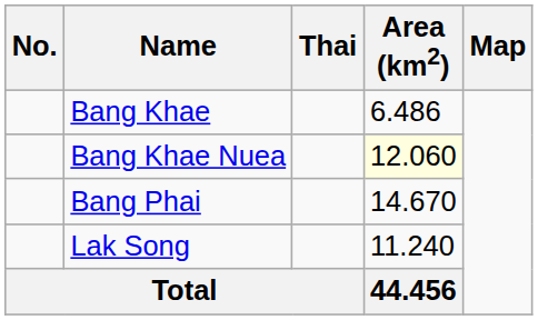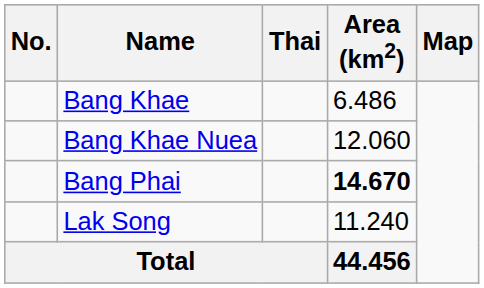 <table class="wikitable sortable">
 <tr>
 <th>No.</th>
 <th>Name</th>
 <th>Thai</th>
 <th>Area<br>(km<sup>2</sup>)</th>
 <th>Map</th>
 </tr>
 <tr>
 <td></td>
 <td><a href='#'>Bang Khae</a></td>
 <td></td>
 <td><div>6.486</div></td>
 <td rowspan=5></td>
 </tr>
 <tr>
 <td></td>
 <td><a href='#'>Bang Khae Nuea</a></td>
 <td></td>
-<td style="background: lightyellow;"><div>12.060</div></td>
+<td><div>12.060</div></td>
 </tr>
 <tr>
 <td></td>
 <td><a href='#'>Bang Phai</a></td>
 <td></td>
-<td><div>14.670</div></td>
+<td><strong><div>14.670</div></strong></td>
 </tr>
 <tr>
 <td></td>
 <td><a href='#'>Lak Song</a></td>
 <td></td>
 <td><div>11.240</div></td>
 </tr>
 <tr>
 <th colspan = 3>Total</th>
 <th><div>44.456</div></th>
 </tr>
 </table>
